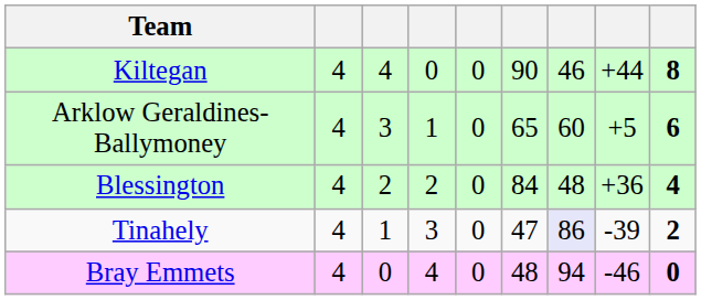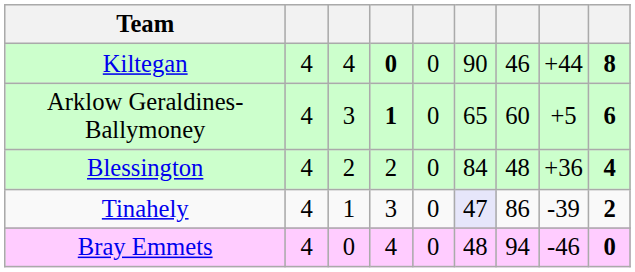 <table class="wikitable" style="text-align:center">
 <tr>
 <th style="width:175px;">Team</th>
 <th width="20"></th>
 <th width="20"></th>
 <th width="20"></th>
 <th width="20"></th>
 <th width="20"></th>
 <th width="20"></th>
 <th width="20"></th>
 <th width="20"></th>
 </tr>
 <tr style="background:#cfc;">
 <td><a href='#'>Kiltegan</a></td>
 <td>4</td>
 <td>4</td>
-<td>0</td>
+<td><strong>0</strong></td>
 <td>0</td>
 <td>90</td>
 <td>46</td>
 <td>+44</td>
 <td><strong>8</strong></td>
 </tr>
 <tr style="background:#cfc;">
 <td>Arklow Geraldines-Ballymoney</td>
 <td>4</td>
 <td>3</td>
-<td>1</td>
+<td><strong>1</strong></td>
 <td>0</td>
 <td>65</td>
 <td>60</td>
 <td>+5</td>
 <td><strong>6</strong></td>
 </tr>
 <tr style="background:#cfc;">
 <td><a href='#'>Blessington</a></td>
 <td>4</td>
 <td>2</td>
 <td>2</td>
 <td>0</td>
 <td>84</td>
 <td>48</td>
 <td>+36</td>
 <td><strong>4</strong></td>
 </tr>
 <tr>
 <td><a href='#'>Tinahely</a></td>
 <td>4</td>
 <td>1</td>
 <td>3</td>
 <td>0</td>
-<td>47</td>
-<td style="background: lavender;">86</td>
+<td style="background: lavender;">47</td>
+<td>86</td>
 <td>-39</td>
 <td><strong>2</strong></td>
 </tr>
 <tr style="background:#fcf;">
 <td><a href='#'>Bray Emmets</a></td>
 <td>4</td>
 <td>0</td>
 <td>4</td>
 <td>0</td>
 <td>48</td>
 <td>94</td>
 <td>-46</td>
 <td><strong>0</strong></td>
 </tr>
 </table>
